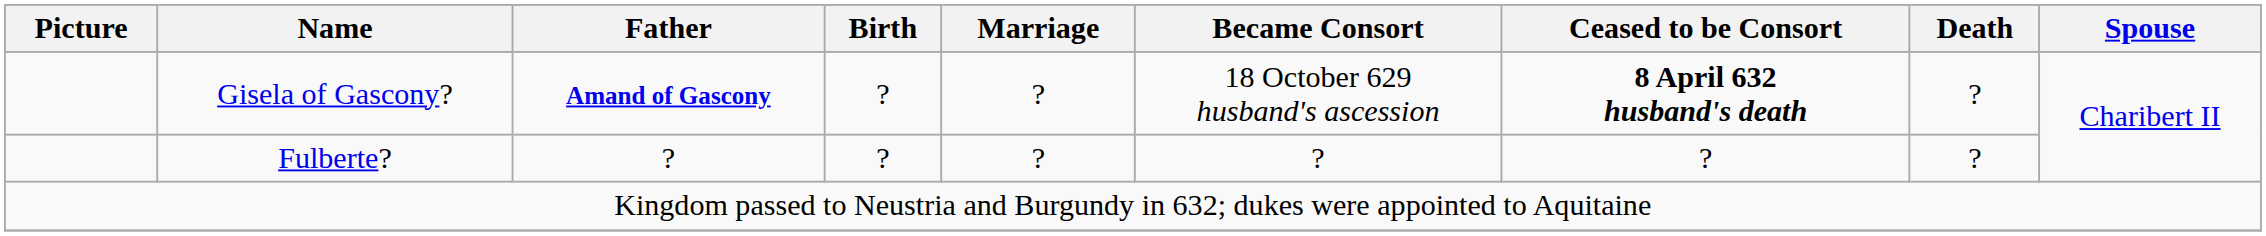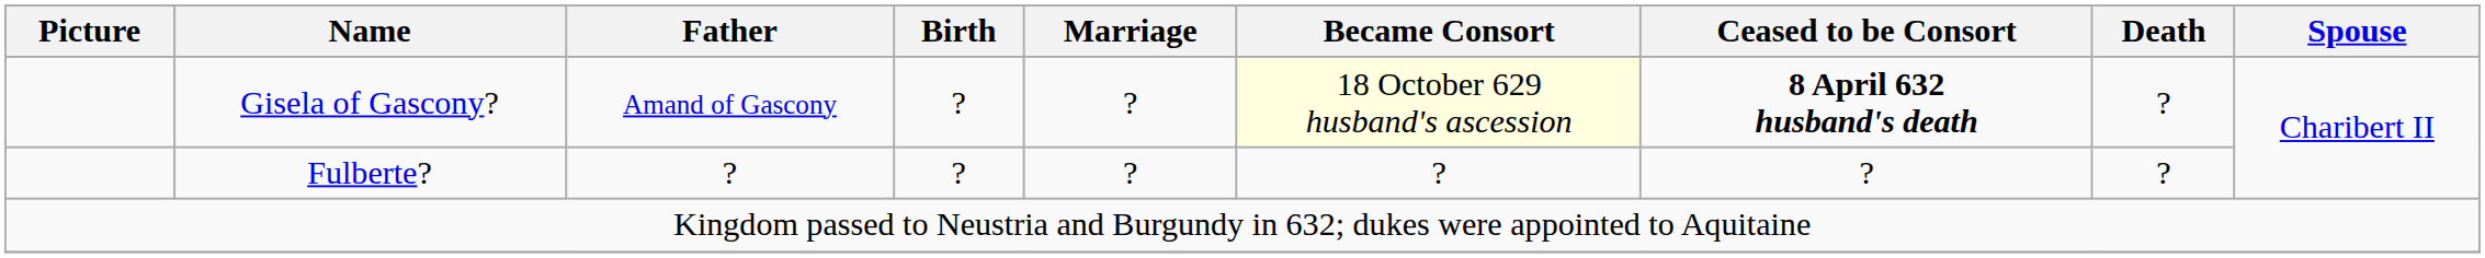 <table width=95% class="wikitable">
 <tr>
 <th>Picture</th>
 <th>Name</th>
 <th>Father</th>
 <th>Birth</th>
 <th>Marriage</th>
 <th>Became Consort</th>
 <th>Ceased to be Consort</th>
 <th>Death</th>
 <th><a href='#'>Spouse</a></th>
 </tr>
 <tr>
 <td align="center"></td>
 <td align="center"><a href='#'>Gisela of Gascony</a>?</td>
-<td align="center"><strong><small><a href='#'>Amand of Gascony</a></small></strong></td>
+<td align="center"><small><a href='#'>Amand of Gascony</a></small></td>
 <td align="center">?</td>
 <td align="center">?</td>
-<td align="center">18 October 629<br><em>husband's ascession</em></td>
+<td align="center" style="background: lightyellow;">18 October 629<br><em>husband's ascession</em></td>
 <td align="center"><strong>8 April 632<br><em>husband's death</em></strong></td>
 <td align="center">?</td>
 <td align="center" rowspan="2"><a href='#'>Charibert II</a></td>
 </tr>
 <tr>
 <td align="center"></td>
 <td align="center"><a href='#'>Fulberte</a>?</td>
 <td align="center">?</td>
 <td align="center">?</td>
 <td align="center">?</td>
 <td align="center">?</td>
 <td align="center">?</td>
 <td align="center">?</td>
 </tr>
 <tr>
 <td align="center" colspan="9">Kingdom passed to Neustria and Burgundy in 632; dukes were appointed to Aquitaine</td>
 </tr>
 <tr>
 </tr>
 </table>
